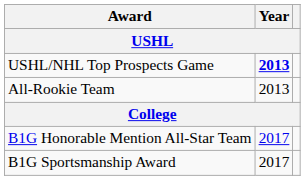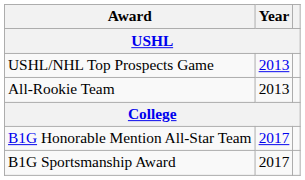 <table class="wikitable">
 <tr>
 <th>Award</th>
 <th>Year</th>
 <th></th>
 </tr>
 <tr>
 <th colspan="3"><a href='#'>USHL</a></th>
 </tr>
 <tr>
 <td>USHL/NHL Top Prospects Game</td>
-<td><strong><a href='#'>2013</a></strong></td>
+<td><a href='#'>2013</a></td>
 <td></td>
 </tr>
 <tr>
 <td>All-Rookie Team</td>
 <td>2013</td>
 <td></td>
 </tr>
 <tr>
 <th colspan="3"><a href='#'>College</a></th>
 </tr>
 <tr>
 <td><a href='#'>B1G</a> Honorable Mention All-Star Team</td>
 <td><a href='#'>2017</a></td>
 <td></td>
 </tr>
 <tr>
 <td>B1G Sportsmanship Award</td>
 <td>2017</td>
 <td></td>
 </tr>
 </table>
